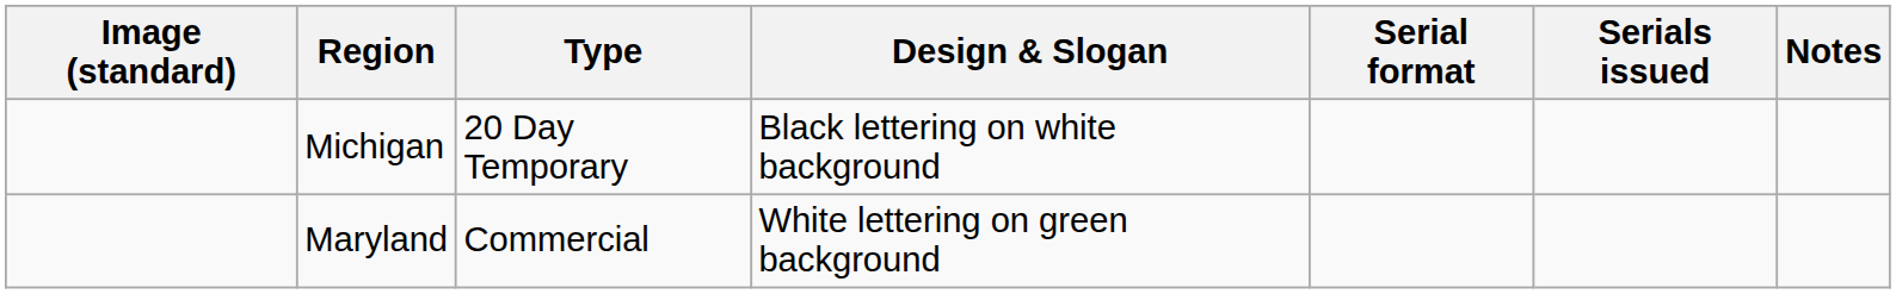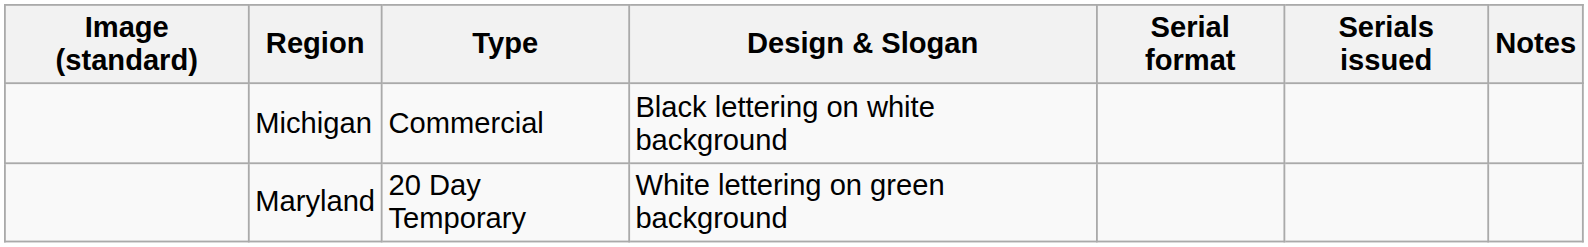 <table class="wikitable">
 <tr>
 <th>Image (standard)</th>
 <th>Region</th>
 <th>Type</th>
 <th>Design & Slogan</th>
 <th>Serial format</th>
 <th>Serials issued</th>
 <th>Notes</th>
 </tr>
 <tr>
 <td></td>
 <td>Michigan</td>
-<td>20 Day Temporary</td>
+<td>Commercial</td>
 <td>Black lettering on white background</td>
 <td></td>
 <td></td>
 <td></td>
 </tr>
 <tr>
 <td></td>
 <td>Maryland</td>
-<td>Commercial</td>
+<td>20 Day Temporary</td>
 <td>White lettering on green background</td>
 <td></td>
 <td></td>
 </tr>
 </table>
